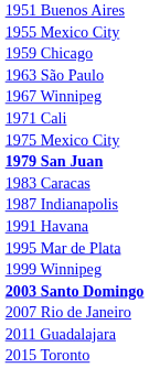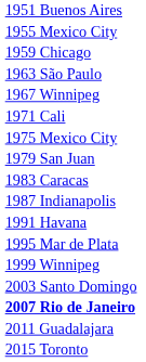 <table>
 <tr>
 <td><a href='#'>1951 Buenos Aires</a></td>
 <td></td>
 <td></td>
 <td></td>
 </tr>
 <tr>
 <td><a href='#'>1955 Mexico City</a></td>
 <td></td>
 <td></td>
 <td></td>
 </tr>
 <tr>
 <td><a href='#'>1959 Chicago</a></td>
 <td></td>
 <td></td>
 <td></td>
 </tr>
 <tr>
 <td><a href='#'>1963 São Paulo</a></td>
 <td></td>
 <td></td>
 <td></td>
 </tr>
 <tr>
 <td><a href='#'>1967 Winnipeg</a></td>
 <td></td>
 <td></td>
 <td></td>
 </tr>
 <tr>
 <td><a href='#'>1971 Cali</a></td>
 <td></td>
 <td></td>
 <td></td>
 </tr>
 <tr>
 <td><a href='#'>1975 Mexico City</a></td>
 <td></td>
 <td></td>
 <td></td>
 </tr>
 <tr>
-<td><strong><a href='#'>1979 San Juan</a></strong></td>
+<td><a href='#'>1979 San Juan</a></td>
 <td></td>
 <td></td>
 <td></td>
 </tr>
 <tr>
 <td><a href='#'>1983 Caracas</a></td>
 <td></td>
 <td></td>
 <td></td>
 </tr>
 <tr>
 <td><a href='#'>1987 Indianapolis</a></td>
 <td></td>
 <td></td>
 <td></td>
 </tr>
 <tr>
 <td><a href='#'>1991 Havana</a></td>
 <td></td>
 <td></td>
 <td></td>
 </tr>
 <tr>
 <td><a href='#'>1995 Mar de Plata</a></td>
 <td></td>
 <td></td>
 <td></td>
 </tr>
 <tr>
 <td><a href='#'>1999 Winnipeg</a></td>
 <td></td>
 <td></td>
 <td></td>
 </tr>
 <tr>
-<td><strong><a href='#'>2003 Santo Domingo</a></strong></td>
+<td><a href='#'>2003 Santo Domingo</a></td>
 <td></td>
 <td></td>
 <td></td>
 </tr>
 <tr>
-<td><a href='#'>2007 Rio de Janeiro</a></td>
+<td><strong><a href='#'>2007 Rio de Janeiro</a></strong></td>
 <td></td>
 <td></td>
 <td></td>
 </tr>
 <tr>
 <td><a href='#'>2011 Guadalajara</a></td>
 <td></td>
 <td></td>
 <td></td>
 </tr>
 <tr>
 <td><a href='#'>2015 Toronto</a><br></td>
 <td></td>
 <td></td>
 <td></td>
 </tr>
 </table>
